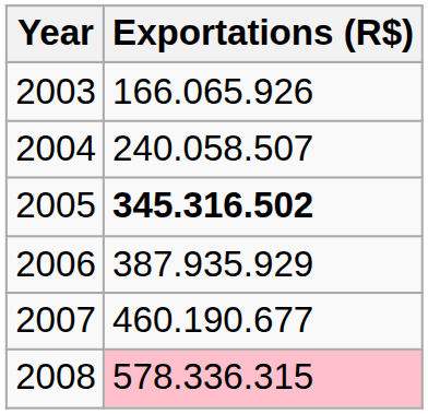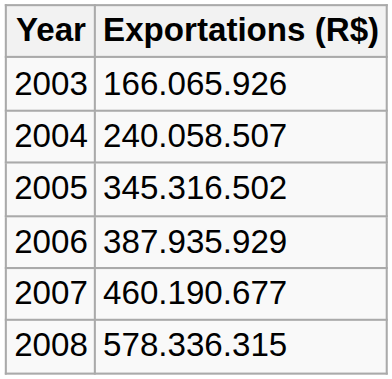 <table border="2" style="float:right; margin: 1em;border-collapse:collapse;" font-size:50%  class="wikitable sortable">
 <tr>
 <th>Year</th>
 <th>Exportations (R$)</th>
 </tr>
 <tr>
 <td>2003</td>
 <td>166.065.926</td>
 </tr>
 <tr>
 <td>2004</td>
 <td>240.058.507</td>
 </tr>
 <tr>
 <td>2005</td>
-<td><strong>345.316.502</strong></td>
+<td>345.316.502</td>
 </tr>
 <tr>
 <td>2006</td>
 <td>387.935.929</td>
 </tr>
 <tr>
 <td>2007</td>
 <td>460.190.677</td>
 </tr>
 <tr>
 <td>2008</td>
-<td style="background: pink;">578.336.315</td>
+<td>578.336.315</td>
 </tr>
 </table>
